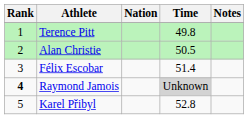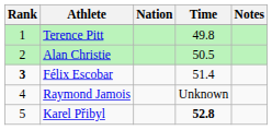 <table class="wikitable sortable" style="text-align:center">
 <tr>
 <th>Rank</th>
 <th>Athlete</th>
 <th>Nation</th>
 <th>Time</th>
 <th>Notes</th>
 </tr>
 <tr>
 </tr>
 <tr bgcolor=bbf3bb>
 <td>1</td>
 <td align=left><a href='#'>Terence Pitt</a></td>
 <td align=left></td>
 <td>49.8</td>
 <td></td>
 </tr>
 <tr bgcolor=bbf3bb>
 <td>2</td>
 <td align=left><a href='#'>Alan Christie</a></td>
 <td align=left></td>
 <td>50.5</td>
 <td></td>
 </tr>
 <tr>
-<td>3</td>
+<td><strong>3</strong></td>
 <td align=left><a href='#'>Félix Escobar</a></td>
 <td align=left></td>
 <td>51.4</td>
 <td></td>
 </tr>
 <tr>
-<td><strong>4</strong></td>
+<td>4</td>
 <td align=left><a href='#'>Raymond Jamois</a></td>
 <td align=left></td>
-<td style="background: lightgrey;">Unknown</td>
+<td>Unknown</td>
 <td></td>
 </tr>
 <tr>
 <td>5</td>
 <td align=left><a href='#'>Karel Přibyl</a></td>
 <td align=left></td>
-<td>52.8</td>
+<td><strong>52.8</strong></td>
 <td></td>
 </tr>
 </table>
